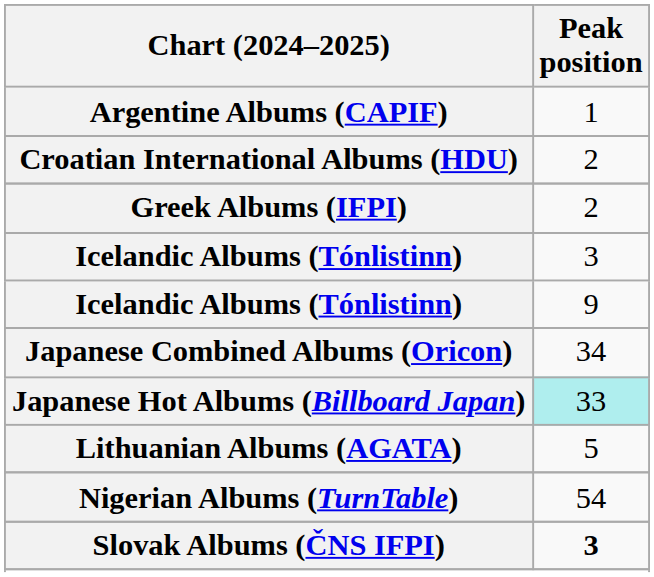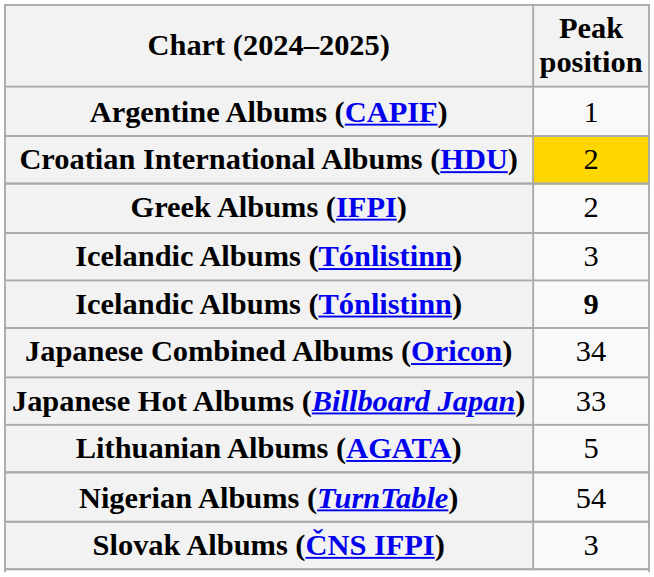 <table class="wikitable sortable plainrowheaders" style="text-align:center">
 <tr>
 <th scope="col">Chart (2024–2025)</th>
 <th scope="col">Peak<br>position</th>
 </tr>
 <tr>
 <th scope="row">Argentine Albums (<a href='#'>CAPIF</a>)</th>
 <td>1</td>
 </tr>
 <tr>
 </tr>
 <tr>
 </tr>
 <tr>
 </tr>
 <tr>
 </tr>
 <tr>
 </tr>
 <tr>
 <th scope="row">Croatian International Albums (<a href='#'>HDU</a>)</th>
-<td>2</td>
+<td style="background: gold;">2</td>
 </tr>
 <tr>
 </tr>
 <tr>
 </tr>
 <tr>
 </tr>
 <tr>
 </tr>
 <tr>
 </tr>
 <tr>
 </tr>
 <tr>
 <th scope="row">Greek Albums (<a href='#'>IFPI</a>)</th>
 <td>2</td>
 </tr>
 <tr>
 </tr>
 <tr>
 <th scope="row">Icelandic Albums (<a href='#'>Tónlistinn</a>)</th>
 <td>3</td>
 </tr>
 <tr>
 <th scope="row">Icelandic Albums (<a href='#'>Tónlistinn</a>)<br></th>
-<td>9</td>
+<td><strong>9</strong></td>
 </tr>
 <tr>
 </tr>
 <tr>
 </tr>
 <tr>
 </tr>
 <tr>
 <th scope="row">Japanese Combined Albums (<a href='#'>Oricon</a>)</th>
 <td>34</td>
 </tr>
 <tr>
 <th scope="row">Japanese Hot Albums (<em><a href='#'>Billboard Japan</a></em>)</th>
-<td style="background: paleturquoise;">33</td>
+<td>33</td>
 </tr>
 <tr>
 <th scope="row">Lithuanian Albums (<a href='#'>AGATA</a>)</th>
 <td>5</td>
 </tr>
 <tr>
 </tr>
 <tr>
 <th scope="row">Nigerian Albums (<a href='#'><em>TurnTable</em></a>)</th>
 <td>54</td>
 </tr>
 <tr>
 </tr>
 <tr>
 </tr>
 <tr>
 </tr>
 <tr>
 </tr>
 <tr>
 <th scope="row">Slovak Albums (<a href='#'>ČNS IFPI</a>)</th>
-<td><strong>3</strong></td>
+<td>3</td>
 </tr>
 <tr>
 </tr>
 <tr>
 </tr>
 <tr>
 </tr>
 <tr>
 </tr>
 <tr>
 </tr>
 </table>
